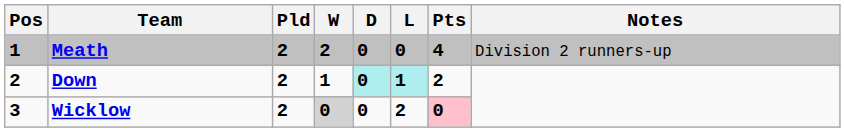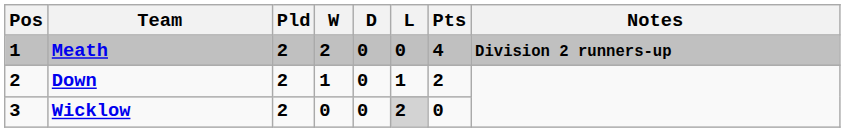 <table class="wikitable" style="text-align: centre;">
 <tr>
 <th width=20>Pos</th>
 <th width=150>Team</th>
 <th width=20>Pld</th>
 <th width=20>W</th>
 <th width=20>D</th>
 <th width=20>L</th>
 <th width=20>Pts</th>
 <th width=250>Notes</th>
 </tr>
 <tr style="background:silver;">
 <td><strong>1</strong></td>
 <td align=left><strong> <a href='#'>Meath</a> </strong></td>
 <td><strong>2</strong></td>
 <td><strong>2</strong></td>
 <td><strong>0</strong></td>
 <td><strong>0</strong></td>
 <td><strong>4</strong></td>
-<td><small>Division 2 runners-up</small></td>
+<td><strong><small>Division 2 runners-up</small></strong></td>
 </tr>
 <tr>
 <td><strong>2</strong></td>
 <td align=left><strong> <a href='#'>Down</a> </strong></td>
 <td><strong>2</strong></td>
 <td><strong>1</strong></td>
-<td style="background: paleturquoise;"><strong>0</strong></td>
-<td style="background: paleturquoise;"><strong>1</strong></td>
+<td><strong>0</strong></td>
+<td><strong>1</strong></td>
 <td><strong>2</strong></td>
 </tr>
 <tr>
 <td><strong>3</strong></td>
 <td align=left><strong> <a href='#'>Wicklow</a> </strong></td>
 <td><strong>2</strong></td>
-<td style="background: lightgrey;"><strong>0</strong></td>
 <td><strong>0</strong></td>
-<td><strong>2</strong></td>
-<td style="background: pink;"><strong>0</strong></td>
+<td><strong>0</strong></td>
+<td style="background: lightgrey;"><strong>2</strong></td>
+<td><strong>0</strong></td>
 </tr>
 </table>
